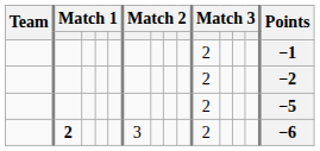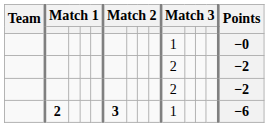 <table class="wikitable sortable" style="text-align:center;">
 <tr>
 <th rowspan=2>Team</th>
 <th colspan=4 style="border-left:3px solid gray">Match 1</th>
 <th colspan=4 style="border-left:3px solid gray">Match 2</th>
 <th colspan=4 style="border-left:3px solid gray">Match 3</th>
 <th rowspan=2 style="border-left:3px solid gray">Points</th>
 </tr>
 <tr>
 <th style="border-left:3px solid gray"></th>
 <th></th>
 <th></th>
 <th></th>
 <th style="border-left:3px solid gray"></th>
 <th></th>
 <th></th>
 <th></th>
 <th style="border-left:3px solid gray"></th>
 <th></th>
 <th></th>
 <th></th>
 </tr>
 <tr>
 <td align=left></td>
 <td style="border-left:3px solid gray"></td>
 <td></td>
 <td></td>
 <td></td>
 <td style="border-left:3px solid gray"></td>
 <td></td>
 <td></td>
 <td></td>
-<td style="border-left:3px solid gray">2</td>
+<td style="border-left:3px solid gray">1</td>
 <td></td>
 <td></td>
 <td></td>
-<th style="border-left:3px solid gray">−1</th>
+<th style="border-left:3px solid gray">−0</th>
 </tr>
 <tr>
 <td align=left></td>
 <td style="border-left:3px solid gray"></td>
 <td></td>
 <td></td>
 <td></td>
 <td style="border-left:3px solid gray"></td>
 <td></td>
 <td></td>
 <td></td>
 <td style="border-left:3px solid gray">2</td>
 <td></td>
 <td></td>
 <td></td>
 <th style="border-left:3px solid gray">−2</th>
 </tr>
 <tr>
 <td align=left></td>
 <td style="border-left:3px solid gray"></td>
 <td></td>
 <td></td>
 <td></td>
 <td style="border-left:3px solid gray"></td>
 <td></td>
 <td></td>
 <td></td>
 <td style="border-left:3px solid gray">2</td>
 <td></td>
 <td></td>
 <td></td>
-<th style="border-left:3px solid gray">−5</th>
+<th style="border-left:3px solid gray">−2</th>
 </tr>
 <tr>
 <td align=left></td>
 <td style="border-left:3px solid gray"><strong>2</strong></td>
 <td></td>
 <td></td>
 <td></td>
-<td style="border-left:3px solid gray">3</td>
+<td style="border-left:3px solid gray"><strong>3</strong></td>
 <td></td>
 <td></td>
 <td></td>
-<td style="border-left:3px solid gray">2</td>
+<td style="border-left:3px solid gray">1</td>
 <td></td>
 <td></td>
 <td></td>
 <th style="border-left:3px solid gray">−6</th>
 </tr>
 </table>
